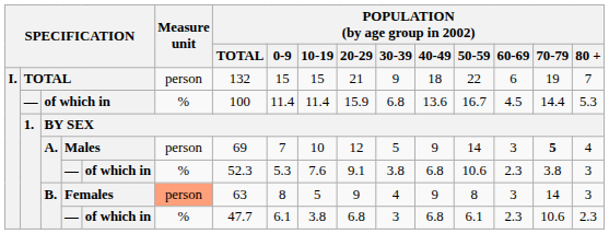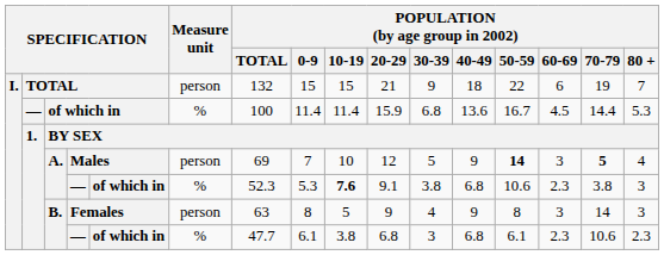 <table class="wikitable" style="font-size:85%; text-align:center">
 <tr>
 <th rowspan="2" colspan="5">SPECIFICATION</th>
 <th rowspan="2">Measure<br> unit</th>
 <th colspan="10" rowspan="1">POPULATION<br> (by age group in 2002)</th>
 </tr>
 <tr>
 <th>TOTAL</th>
 <th>0-9</th>
 <th>10-19</th>
 <th>20-29</th>
 <th>30-39</th>
 <th>40-49</th>
 <th>50-59</th>
 <th>60-69</th>
 <th>70-79</th>
 <th>80 +</th>
 </tr>
 <tr>
 <th style="text-align:left" valign="top" rowspan="7">I.</th>
 <th style="text-align:left" colspan="4">TOTAL</th>
 <td>person</td>
 <td>132</td>
 <td>15</td>
 <td>15</td>
 <td>21</td>
 <td>9</td>
 <td>18</td>
 <td>22</td>
 <td>6</td>
 <td>19</td>
 <td>7</td>
 </tr>
 <tr>
 <th style="text-align:left" valign="top">—</th>
 <th style="text-align:left" colspan="3">of which in</th>
 <td>%</td>
 <td>100</td>
 <td>11.4</td>
 <td>11.4</td>
 <td>15.9</td>
 <td>6.8</td>
 <td>13.6</td>
 <td>16.7</td>
 <td>4.5</td>
 <td>14.4</td>
 <td>5.3</td>
 </tr>
 <tr>
 <th style="text-align:left" valign="top" rowspan="5">1.</th>
 <th style="text-align:left" colspan="14">BY SEX</th>
 </tr>
 <tr>
 <th style="text-align:left" valign="top" rowspan="2">A.</th>
 <th style="text-align:left" colspan="2">Males</th>
 <td>person</td>
 <td>69</td>
 <td>7</td>
 <td>10</td>
 <td>12</td>
 <td>5</td>
 <td>9</td>
-<td>14</td>
+<td><strong>14</strong></td>
 <td>3</td>
 <td><strong>5</strong></td>
 <td>4</td>
 </tr>
 <tr>
 <th style="text-align:left" valign="top">—</th>
 <th style="text-align:left" colspan="1">of which in</th>
 <td>%</td>
 <td>52.3</td>
 <td>5.3</td>
-<td>7.6</td>
+<td><strong>7.6</strong></td>
 <td>9.1</td>
 <td>3.8</td>
 <td>6.8</td>
 <td>10.6</td>
 <td>2.3</td>
 <td>3.8</td>
 <td>3</td>
 </tr>
 <tr>
 <th style="text-align:left" valign="top" rowspan="2">B.</th>
 <th style="text-align:left" colspan="2">Females</th>
-<td style="background: lightsalmon;">person</td>
+<td>person</td>
 <td>63</td>
 <td>8</td>
 <td>5</td>
 <td>9</td>
 <td>4</td>
 <td>9</td>
 <td>8</td>
 <td>3</td>
 <td>14</td>
 <td>3</td>
 </tr>
 <tr>
 <th style="text-align:left" valign="top">—</th>
 <th style="text-align:left" colspan="1">of which in</th>
 <td>%</td>
 <td>47.7</td>
 <td>6.1</td>
 <td>3.8</td>
 <td>6.8</td>
 <td>3</td>
 <td>6.8</td>
 <td>6.1</td>
 <td>2.3</td>
 <td>10.6</td>
 <td>2.3</td>
 </tr>
 </table>
